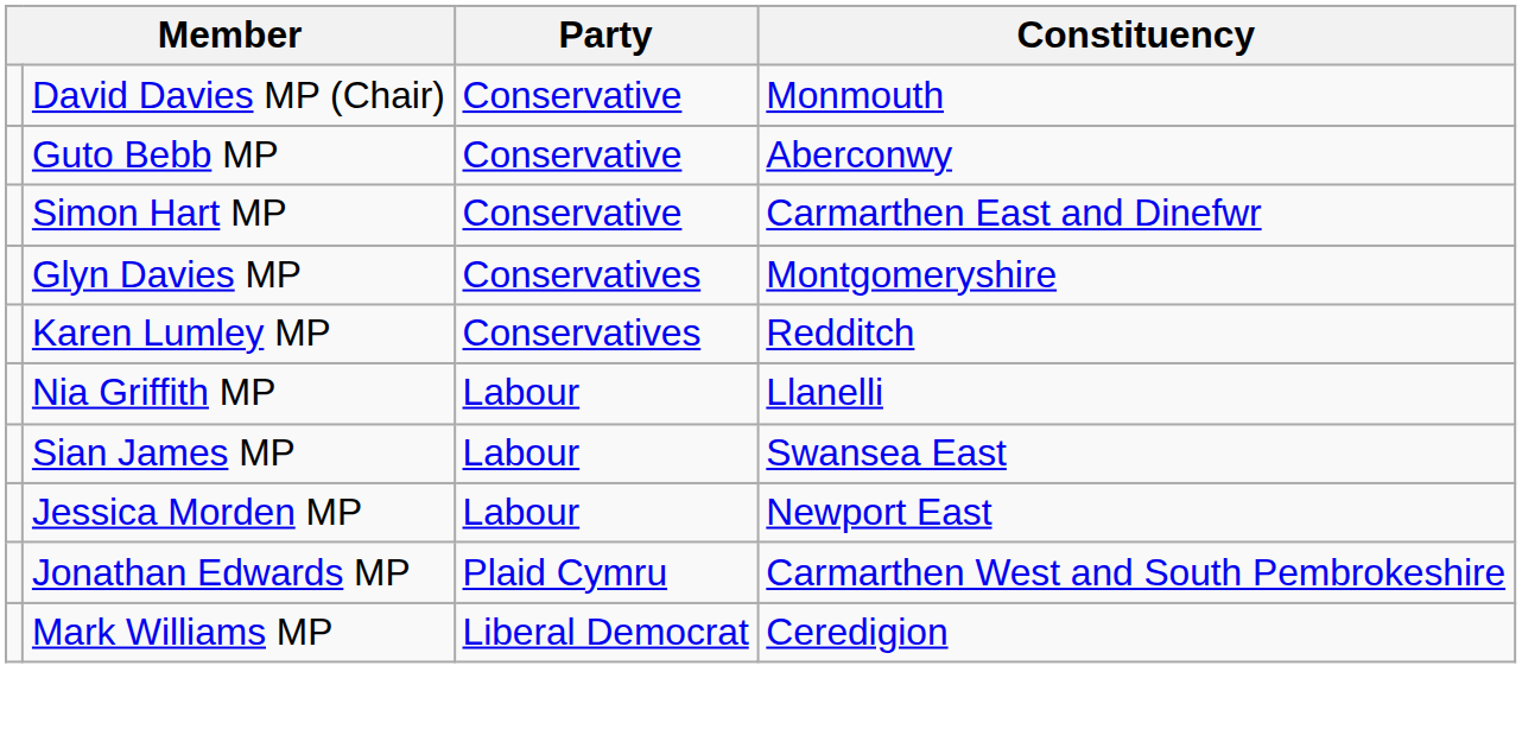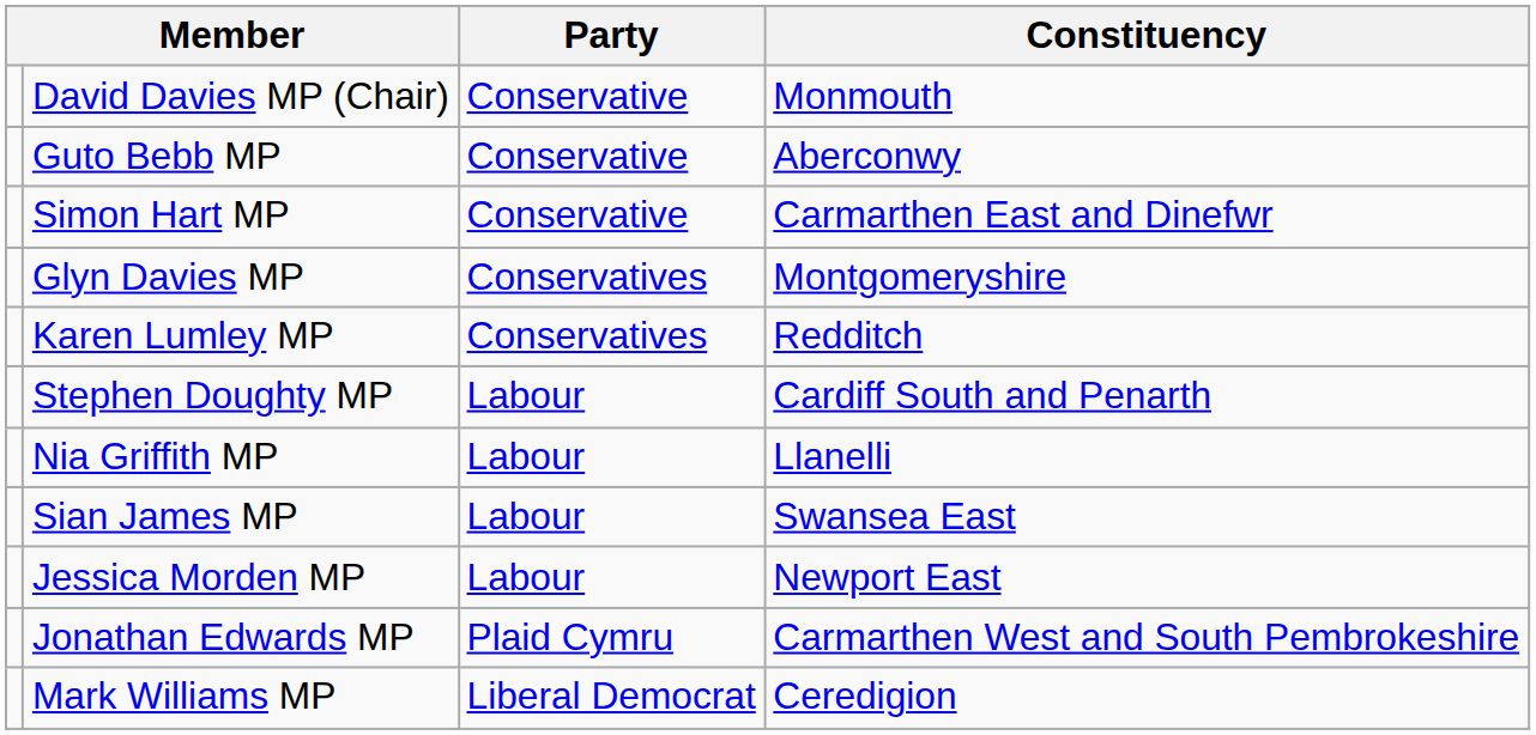 <table class="wikitable">
 <tr>
 <th colspan="2" valign="top">Member</th>
 <th valign="top">Party</th>
 <th valign="top">Constituency</th>
 </tr>
 <tr>
 <td style="color:inherit;background:"></td>
 <td><a href='#'>David Davies</a> MP (Chair)</td>
 <td><a href='#'>Conservative</a></td>
 <td><a href='#'>Monmouth</a></td>
 </tr>
 <tr>
 <td style="color:inherit;background:"></td>
 <td><a href='#'>Guto Bebb</a> MP</td>
 <td><a href='#'>Conservative</a></td>
 <td><a href='#'>Aberconwy</a></td>
 </tr>
 <tr>
 <td style="color:inherit;background:"></td>
 <td><a href='#'>Simon Hart</a> MP</td>
 <td><a href='#'>Conservative</a></td>
 <td><a href='#'>Carmarthen East and Dinefwr</a></td>
 </tr>
 <tr>
 <td style="color:inherit;background:"></td>
 <td><a href='#'>Glyn Davies</a> MP</td>
 <td><a href='#'>Conservatives</a></td>
 <td><a href='#'>Montgomeryshire</a></td>
 </tr>
 <tr>
 <td style="color:inherit;background:"></td>
 <td><a href='#'>Karen Lumley</a> MP</td>
 <td><a href='#'>Conservatives</a></td>
 <td><a href='#'>Redditch</a></td>
 </tr>
 <tr>
 <td style="color:inherit;background:"></td>
+<td><a href='#'>Stephen Doughty</a> MP</td>
+<td><a href='#'>Labour</a></td>
+<td><a href='#'>Cardiff South and Penarth</a></td>
+</tr>
+<tr>
+<td style="color:inherit;background:"></td>
 <td><a href='#'>Nia Griffith</a> MP</td>
 <td><a href='#'>Labour</a></td>
 <td><a href='#'>Llanelli</a></td>
 </tr>
 <tr>
 <td style="color:inherit;background:"></td>
 <td><a href='#'>Sian James</a> MP</td>
 <td><a href='#'>Labour</a></td>
 <td><a href='#'>Swansea East</a></td>
 </tr>
 <tr>
 <td style="color:inherit;background:"></td>
 <td><a href='#'>Jessica Morden</a> MP</td>
 <td><a href='#'>Labour</a></td>
 <td><a href='#'>Newport East</a></td>
 </tr>
 <tr>
 <td style="color:inherit;background:"></td>
 <td><a href='#'>Jonathan Edwards</a> MP</td>
 <td><a href='#'>Plaid Cymru</a></td>
 <td><a href='#'>Carmarthen West and South Pembrokeshire</a></td>
 </tr>
 <tr>
 <td style="color:inherit;background:"></td>
 <td><a href='#'>Mark Williams</a> MP</td>
 <td><a href='#'>Liberal Democrat</a></td>
 <td><a href='#'>Ceredigion</a></td>
 </tr>
 </table>
